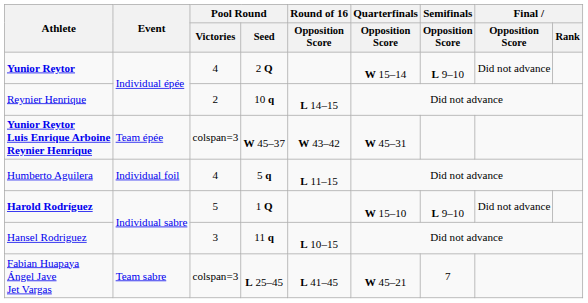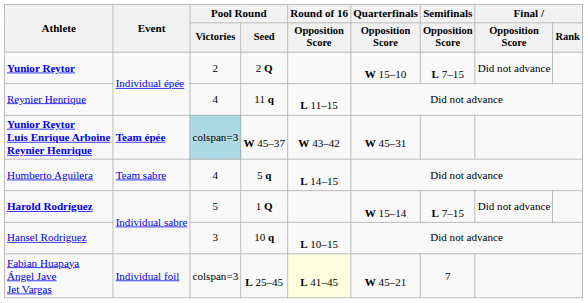 <table class=wikitable style="font-size:90%">
 <tr>
 <th rowspan="2">Athlete</th>
 <th rowspan="2">Event</th>
 <th colspan=2>Pool Round</th>
 <th>Round of 16</th>
 <th>Quarterfinals</th>
 <th>Semifinals</th>
 <th colspan=2>Final / </th>
 </tr>
 <tr style="font-size:95%">
 <th>Victories</th>
 <th>Seed</th>
 <th>Opposition<br>Score</th>
 <th>Opposition<br>Score</th>
 <th>Opposition<br>Score</th>
 <th>Opposition<br>Score</th>
 <th>Rank</th>
 </tr>
 <tr align=center>
 <td align=left><strong><a href='#'>Yunior Reytor</a></strong></td>
 <td align=left rowspan=2><a href='#'>Individual épée</a></td>
-<td>4</td>
+<td>2</td>
 <td>2 <strong>Q</strong></td>
 <td></td>
-<td><br><strong>W</strong> 15–14</td>
-<td><br><strong>L</strong> 9–10</td>
+<td><br><strong>W</strong> 15–10</td>
+<td><br><strong>L</strong> 7–15</td>
 <td>Did not advance</td>
 <td></td>
 </tr>
 <tr align=center>
 <td align=left><a href='#'>Reynier Henrique</a></td>
-<td>2</td>
-<td>10 <strong>q</strong></td>
-<td><br><strong>L</strong> 14–15</td>
+<td>4</td>
+<td>11 <strong>q</strong></td>
+<td><br><strong>L</strong> 11–15</td>
 <td colspan=4>Did not advance</td>
 </tr>
 <tr align=center>
 <td align=left><strong><a href='#'>Yunior Reytor</a><br><a href='#'>Luis Enrique Arboine</a><br><a href='#'>Reynier Henrique</a></strong></td>
-<td align=left><a href='#'>Team épée</a></td>
-<td>colspan=3 </td>
+<td align=left><strong><a href='#'>Team épée</a></strong></td>
+<td style="background: lightblue;">colspan=3 </td>
 <td><br><strong>W</strong> 45–37</td>
 <td><br><strong>W</strong> 43–42</td>
 <td><br><strong>W</strong> 45–31</td>
 <td></td>
 </tr>
 <tr align=center>
 <td align=left><a href='#'>Humberto Aguilera</a></td>
-<td align=left><a href='#'>Individual foil</a></td>
+<td align=left><a href='#'>Team sabre</a></td>
 <td>4</td>
 <td>5 <strong>q</strong></td>
-<td><br><strong>L</strong> 11–15</td>
+<td><br><strong>L</strong> 14–15</td>
 <td colspan=4>Did not advance</td>
 </tr>
 <tr align=center>
 <td align=left><strong><a href='#'>Harold Rodríguez</a></strong></td>
 <td align=left rowspan=2><a href='#'>Individual sabre</a></td>
 <td>5</td>
 <td>1 <strong>Q</strong></td>
 <td></td>
-<td><br><strong>W</strong> 15–10</td>
-<td><br><strong>L</strong> 9–10</td>
+<td><br><strong>W</strong> 15–14</td>
+<td><br><strong>L</strong> 7–15</td>
 <td>Did not advance</td>
 <td></td>
 </tr>
 <tr align=center>
 <td align=left><a href='#'>Hansel Rodriguez</a></td>
 <td>3</td>
-<td>11 <strong>q</strong></td>
+<td>10 <strong>q</strong></td>
 <td><br><strong>L</strong> 10–15</td>
 <td colspan=4>Did not advance</td>
 </tr>
 <tr align=center>
 <td align=left><a href='#'>Fabian Huapaya</a><br><a href='#'>Ángel Jave</a><br><a href='#'>Jet Vargas</a></td>
-<td align=left><a href='#'>Team sabre</a></td>
+<td align=left><a href='#'>Individual foil</a></td>
 <td>colspan=3 </td>
 <td><br><strong>L</strong> 25–45</td>
-<td><br><strong>L</strong> 41–45</td>
+<td style="background: lightyellow;"><br><strong>L</strong> 41–45</td>
 <td><br><strong>W</strong> 45–21</td>
 <td>7</td>
 </tr>
 </table>
